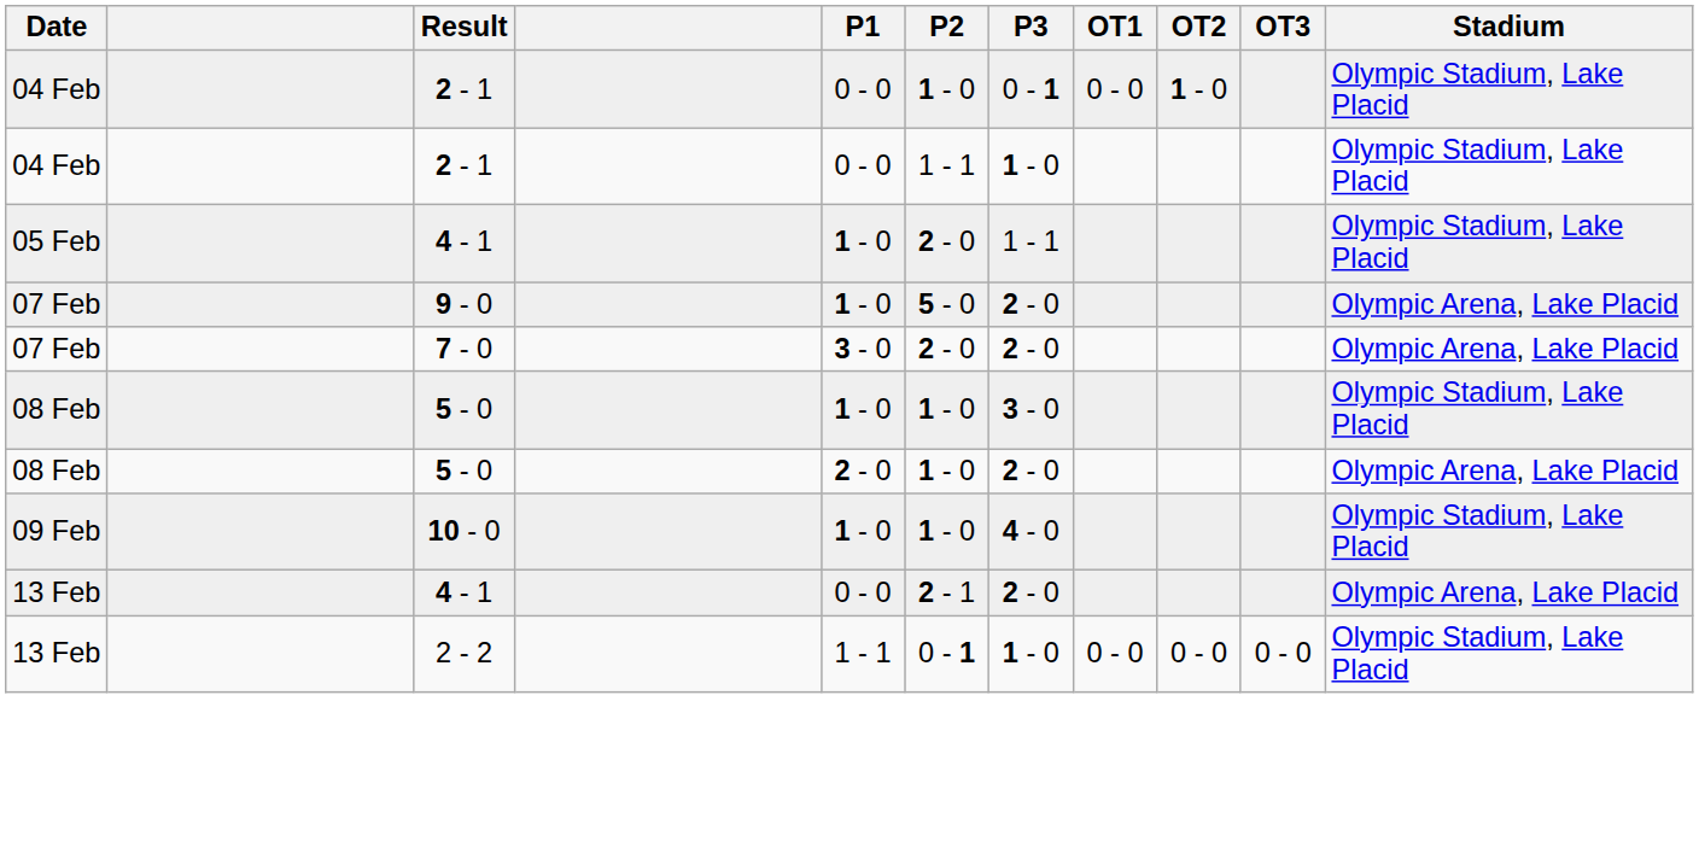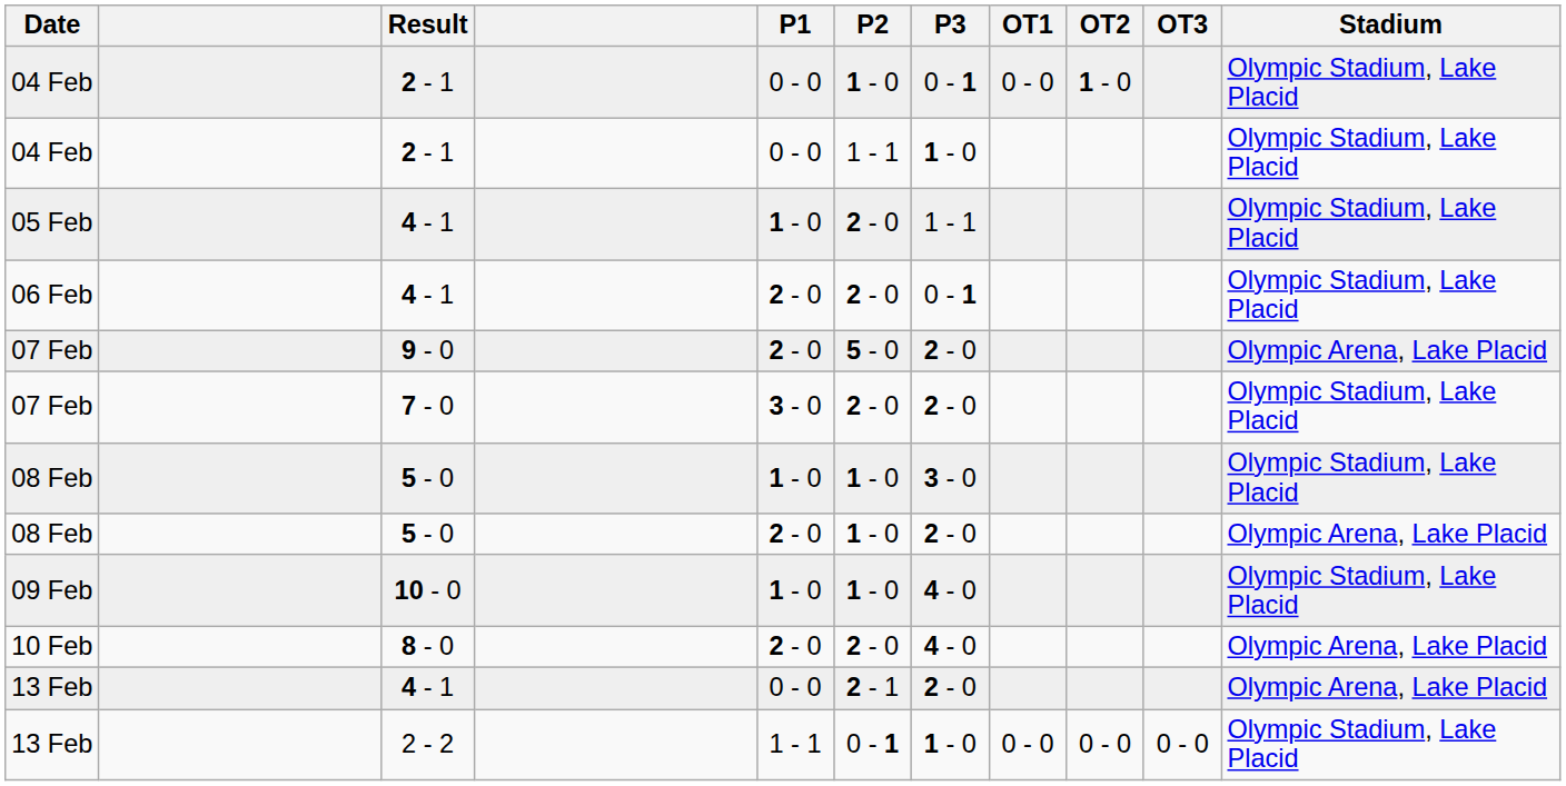 <table class="wikitable">
 <tr>
 <th width=50px>Date</th>
 <th width=165px></th>
 <th width=50px>Result</th>
 <th width=165px></th>
 <th width=40px>P1</th>
 <th width=40px>P2</th>
 <th width=40px>P3</th>
 <th width=40px>OT1</th>
 <th width=40px>OT2</th>
 <th width=40px>OT3</th>
 <th width=200px>Stadium</th>
 </tr>
 <tr bgcolor="#EFEFEF">
 <td>04 Feb</td>
 <td></td>
 <td align="center"><strong>2</strong> - 1</td>
 <td></td>
 <td align="center">0 - 0</td>
 <td align="center"><strong>1</strong> - 0</td>
 <td align="center">0 - <strong>1</strong></td>
 <td align="center">0 - 0</td>
 <td align="center"><strong>1</strong> - 0</td>
 <td></td>
 <td><a href='#'>Olympic Stadium</a>, <a href='#'>Lake Placid</a></td>
 </tr>
 <tr>
 <td>04 Feb</td>
 <td></td>
 <td align="center"><strong>2</strong> - 1</td>
 <td></td>
 <td align="center">0 - 0</td>
 <td align="center">1 - 1</td>
 <td align="center"><strong>1</strong> - 0</td>
 <td></td>
 <td></td>
 <td></td>
 <td><a href='#'>Olympic Stadium</a>, <a href='#'>Lake Placid</a></td>
 </tr>
 <tr bgcolor="#EFEFEF">
 <td>05 Feb</td>
 <td></td>
 <td align="center"><strong>4</strong> - 1</td>
 <td></td>
 <td align="center"><strong>1</strong> - 0</td>
 <td align="center"><strong>2</strong> - 0</td>
 <td align="center">1 - 1</td>
 <td></td>
 <td></td>
 <td></td>
 <td><a href='#'>Olympic Stadium</a>, <a href='#'>Lake Placid</a></td>
 </tr>
+<tr>
+<td>06 Feb</td>
+<td></td>
+<td align="center"><strong>4</strong> - 1</td>
+<td></td>
+<td align="center"><strong>2</strong> - 0</td>
+<td align="center"><strong>2</strong> - 0</td>
+<td align="center">0 - <strong>1</strong></td>
+<td></td>
+<td></td>
+<td></td>
+<td><a href='#'>Olympic Stadium</a>, <a href='#'>Lake Placid</a></td>
+</tr>
 <tr bgcolor="#EFEFEF">
 <td>07 Feb</td>
 <td></td>
 <td align="center"><strong>9</strong> - 0</td>
 <td></td>
-<td align="center"><strong>1</strong> - 0</td>
+<td align="center"><strong>2</strong> - 0</td>
 <td align="center"><strong>5</strong> - 0</td>
 <td align="center"><strong>2</strong> - 0</td>
 <td></td>
 <td></td>
 <td></td>
 <td><a href='#'>Olympic Arena</a>, <a href='#'>Lake Placid</a></td>
 </tr>
 <tr>
 <td>07 Feb</td>
 <td></td>
 <td align="center"><strong>7</strong> - 0</td>
 <td></td>
 <td align="center"><strong>3</strong> - 0</td>
 <td align="center"><strong>2</strong> - 0</td>
 <td align="center"><strong>2</strong> - 0</td>
 <td></td>
 <td></td>
 <td></td>
-<td><a href='#'>Olympic Arena</a>, <a href='#'>Lake Placid</a></td>
+<td><a href='#'>Olympic Stadium</a>, <a href='#'>Lake Placid</a></td>
 </tr>
 <tr bgcolor="#EFEFEF">
 <td>08 Feb</td>
 <td></td>
 <td align="center"><strong>5</strong> - 0</td>
 <td></td>
 <td align="center"><strong>1</strong> - 0</td>
 <td align="center"><strong>1</strong> - 0</td>
 <td align="center"><strong>3</strong> - 0</td>
 <td></td>
 <td></td>
 <td></td>
 <td><a href='#'>Olympic Stadium</a>, <a href='#'>Lake Placid</a></td>
 </tr>
 <tr>
 <td>08 Feb</td>
 <td></td>
 <td align="center"><strong>5</strong> - 0</td>
 <td></td>
 <td align="center"><strong>2</strong> - 0</td>
 <td align="center"><strong>1</strong> - 0</td>
 <td align="center"><strong>2</strong> - 0</td>
 <td></td>
 <td></td>
 <td></td>
 <td><a href='#'>Olympic Arena</a>, <a href='#'>Lake Placid</a></td>
 </tr>
 <tr bgcolor="#EFEFEF">
 <td>09 Feb</td>
 <td></td>
 <td align="center"><strong>10</strong> - 0</td>
 <td></td>
 <td align="center"><strong>1</strong> - 0</td>
 <td align="center"><strong>1</strong> - 0</td>
 <td align="center"><strong>4</strong> - 0</td>
 <td></td>
 <td></td>
 <td></td>
 <td><a href='#'>Olympic Stadium</a>, <a href='#'>Lake Placid</a></td>
 </tr>
+<tr>
+<td>10 Feb</td>
+<td></td>
+<td align="center"><strong>8</strong> - 0</td>
+<td></td>
+<td align="center"><strong>2</strong> - 0</td>
+<td align="center"><strong>2</strong> - 0</td>
+<td align="center"><strong>4</strong> - 0</td>
+<td></td>
+<td></td>
+<td></td>
+<td><a href='#'>Olympic Arena</a>, <a href='#'>Lake Placid</a></td>
+</tr>
 <tr bgcolor="#EFEFEF">
 <td>13 Feb</td>
 <td></td>
 <td align="center"><strong>4</strong> - 1</td>
 <td></td>
 <td align="center">0 - 0</td>
 <td align="center"><strong>2</strong> - 1</td>
 <td align="center"><strong>2</strong> - 0</td>
 <td></td>
 <td></td>
 <td></td>
 <td><a href='#'>Olympic Arena</a>, <a href='#'>Lake Placid</a></td>
 </tr>
 <tr>
 <td>13 Feb</td>
 <td></td>
 <td align="center">2 - 2</td>
 <td></td>
 <td align="center">1 - 1</td>
 <td align="center">0 - <strong>1</strong></td>
 <td align="center"><strong>1</strong> - 0</td>
 <td align="center">0 - 0</td>
 <td align="center">0 - 0</td>
 <td align="center">0 - 0</td>
 <td><a href='#'>Olympic Stadium</a>, <a href='#'>Lake Placid</a></td>
 </tr>
 </table>
